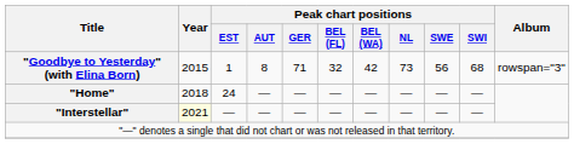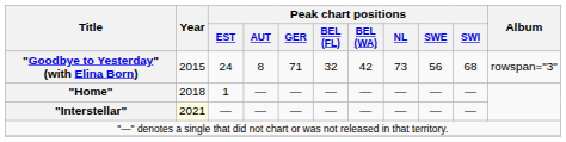 <table class="wikitable plainrowheaders" style="text-align:center;">
 <tr>
 <th scope="col" rowspan="2" style="width:14em;">Title</th>
 <th scope="col" rowspan="2" style="width:1em;">Year</th>
 <th scope="col" colspan="8">Peak chart positions</th>
 <th scope="col" rowspan="2">Album</th>
 </tr>
 <tr>
 <th scope="col" style="width:3em;font-size:85%;"><a href='#'>EST</a><br></th>
 <th scope="col" style="width:3em;font-size:85%;"><a href='#'>AUT</a><br></th>
 <th scope="col" style="width:3em;font-size:85%;"><a href='#'>GER</a><br></th>
 <th scope="col" style="width:3em;font-size:85%;"><a href='#'>BEL<br>(FL)</a><br></th>
 <th scope="col" style="width:3em;font-size:85%;"><a href='#'>BEL<br>(WA)</a><br></th>
 <th scope="col" style="width:3em;font-size:85%;"><a href='#'>NL</a><br></th>
 <th scope="col" style="width:3em;font-size:85%;"><a href='#'>SWE</a><br></th>
 <th scope="col" style="width:3em;font-size:85%;"><a href='#'>SWI</a><br></th>
 </tr>
 <tr>
 <th scope="row">"<a href='#'>Goodbye to Yesterday</a>"<br><span>(with <a href='#'>Elina Born</a>)</span></th>
 <td>2015</td>
-<td>1</td>
+<td>24</td>
 <td>8</td>
 <td>71</td>
 <td>32</td>
 <td>42</td>
 <td>73</td>
 <td>56</td>
 <td>68</td>
 <td>rowspan="3" </td>
 </tr>
 <tr>
 <th scope="row">"Home"</th>
 <td>2018</td>
-<td>24</td>
+<td>1</td>
 <td>—</td>
 <td>—</td>
 <td>—</td>
 <td>—</td>
 <td>—</td>
 <td>—</td>
 <td>—</td>
 </tr>
 <tr>
 <th scope="row">"Interstellar"</th>
 <td style="background: lightyellow;">2021</td>
 <td>—</td>
 <td>—</td>
 <td>—</td>
 <td>—</td>
 <td>—</td>
 <td>—</td>
 <td>—</td>
 <td>—</td>
 </tr>
 <tr>
 <td colspan="20" style="font-size:85%">"—" denotes a single that did not chart or was not released in that territory.</td>
 </tr>
 <tr>
 </tr>
 </table>
